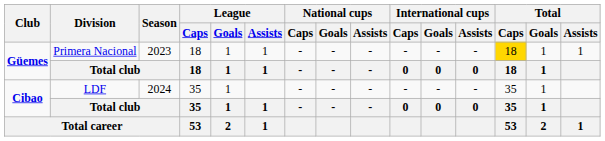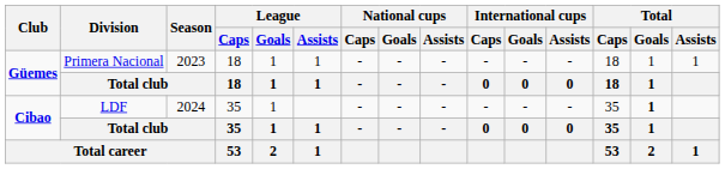 <table class="wikitable center" style="text-align:center">
 <tr style="background:#ddd;">
 <th rowspan="2">Club</th>
 <th rowspan="2">Division</th>
 <th rowspan="2">Season</th>
 <th colspan="3">League</th>
 <th colspan="3">National cups</th>
 <th colspan="3">International cups</th>
 <th colspan="3">Total</th>
 </tr>
 <tr style="background:#ddd;">
 <th width=30px><a href='#'>Caps</a></th>
 <th width=30px><a href='#'>Goals</a></th>
 <th width=30px><a href='#'>Assists</a></th>
 <th width=30px>Caps</th>
 <th width=30px>Goals</th>
 <th width=30px>Assists</th>
 <th width=30px>Caps</th>
 <th width=30px>Goals</th>
 <th width=30px>Assists</th>
 <th width=30px>Caps</th>
 <th width=30px>Goals</th>
 <th width=30px>Assists</th>
 </tr>
 <tr style="text-align: center;">
 <td rowspan="2"><strong><a href='#'>Güemes</a></strong><br><small></small></td>
 <td rowspan="1"><a href='#'>Primera Nacional</a></td>
 <td>2023</td>
 <td>18</td>
 <td>1</td>
 <td>1</td>
 <td>-</td>
 <td>-</td>
 <td>-</td>
 <td>-</td>
 <td>-</td>
 <td>-</td>
-<td style="background: gold;">18</td>
+<td>18</td>
 <td>1</td>
 <td>1</td>
 </tr>
 <tr style="text-align:center; background:#ddd; color:#000;">
 <th colspan="2"><strong>Total club</strong></th>
 <th>18</th>
 <th>1</th>
 <th>1</th>
 <th>-</th>
 <th>-</th>
 <th>-</th>
 <th>0</th>
 <th>0</th>
 <th>0</th>
 <th>18</th>
 <th>1</th>
 <th></th>
 </tr>
 <tr>
 <td rowspan="2"><strong><a href='#'>Cibao</a></strong><br><small></small></td>
 <td rowspan="1"><a href='#'>LDF</a></td>
 <td>2024</td>
 <td>35</td>
 <td>1</td>
 <td></td>
 <td>-</td>
 <td>-</td>
 <td>-</td>
 <td>-</td>
 <td>-</td>
 <td>-</td>
 <td>35</td>
-<td>1</td>
+<td><strong>1</strong></td>
 <td></td>
 </tr>
 <tr style="text-align:center; background:#ddd; color:#000;">
 <th colspan="2"><strong>Total club</strong></th>
 <th>35</th>
 <th>1</th>
 <th>1</th>
 <th>-</th>
 <th>-</th>
 <th>-</th>
 <th>0</th>
 <th>0</th>
 <th>0</th>
 <th>35</th>
 <th>1</th>
 <th></th>
 </tr>
 <tr>
 <th colspan="3">Total career</th>
 <th>53</th>
 <th>2</th>
 <th>1</th>
 <th></th>
 <th></th>
 <th></th>
 <th></th>
 <th></th>
 <th></th>
 <th>53</th>
 <th>2</th>
 <th>1</th>
 </tr>
 </table>
